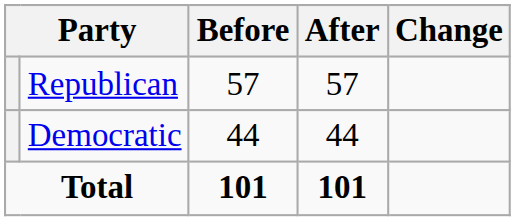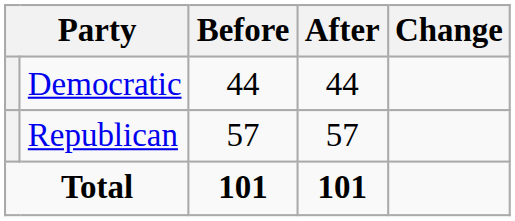 <table class="wikitable" style="text-align:center;">
 <tr>
 <th colspan="2">Party</th>
 <th>Before</th>
 <th>After</th>
 <th>Change</th>
 </tr>
 <tr>
 <th style="background-color:"></th>
-<td style="text-align:left;"><a href='#'>Republican</a></td>
-<td>57</td>
-<td>57</td>
+<td style="text-align:left;"><a href='#'>Democratic</a></td>
+<td>44</td>
+<td>44</td>
 <td></td>
 </tr>
 <tr>
 <th style="background-color:"></th>
-<td style="text-align:left;"><a href='#'>Democratic</a></td>
-<td>44</td>
-<td>44</td>
+<td style="text-align:left;"><a href='#'>Republican</a></td>
+<td>57</td>
+<td>57</td>
 <td></td>
 </tr>
 <tr>
 <td colspan="2"><strong>Total</strong></td>
 <td><strong>101</strong></td>
 <td><strong>101</strong></td>
 <td></td>
 </tr>
 </table>
